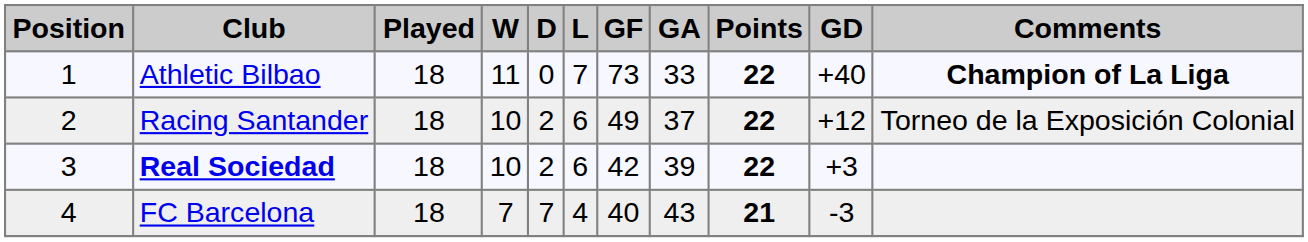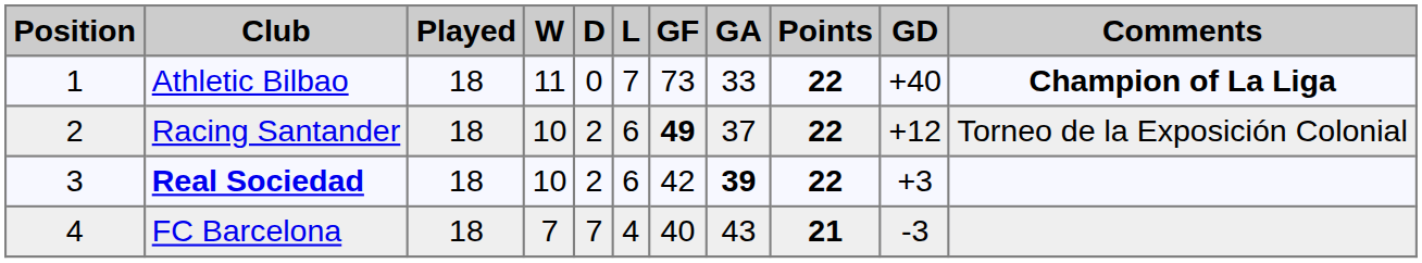 <table bgcolor="#f7f8ff" cellpadding="3" cellspacing="0" border="1" style="font-size: 85%; border: gray solid 1px; border-collapse: collapse;">
 <tr bgcolor="#CCCCCC">
 <th>Position</th>
 <th>Club</th>
 <th>Played</th>
 <th>W</th>
 <th>D</th>
 <th>L</th>
 <th>GF</th>
 <th>GA</th>
 <th>Points</th>
 <th>GD</th>
 <th>Comments</th>
 </tr>
 <tr align="center">
 <td>1</td>
 <td align="left"><a href='#'>Athletic Bilbao</a></td>
 <td>18</td>
 <td>11</td>
 <td>0</td>
 <td>7</td>
 <td>73</td>
 <td>33</td>
 <td><strong>22</strong></td>
 <td>+40</td>
 <td><strong>Champion of La Liga</strong></td>
 </tr>
 <tr align="center" bgcolor="#EFEFEF">
 <td>2</td>
 <td align="left"><a href='#'>Racing Santander</a></td>
 <td>18</td>
 <td>10</td>
 <td>2</td>
 <td>6</td>
-<td>49</td>
+<td><strong>49</strong></td>
 <td>37</td>
 <td><strong>22</strong></td>
 <td>+12</td>
 <td>Torneo de la Exposición Colonial</td>
 </tr>
 <tr align="center">
 <td>3</td>
 <td align="left"><strong><a href='#'>Real Sociedad</a></strong></td>
 <td>18</td>
 <td>10</td>
 <td>2</td>
 <td>6</td>
 <td>42</td>
-<td>39</td>
+<td><strong>39</strong></td>
 <td><strong>22</strong></td>
 <td>+3</td>
 <td></td>
 </tr>
 <tr align="center" bgcolor="#EFEFEF">
 <td>4</td>
 <td align="left"><a href='#'>FC Barcelona</a></td>
 <td>18</td>
 <td>7</td>
 <td>7</td>
 <td>4</td>
 <td>40</td>
 <td>43</td>
 <td><strong>21</strong></td>
 <td>-3</td>
 <td></td>
 </tr>
 <tr align="center">
 </tr>
 </table>
